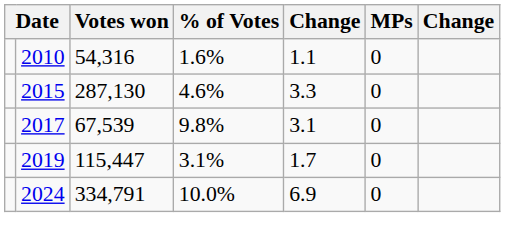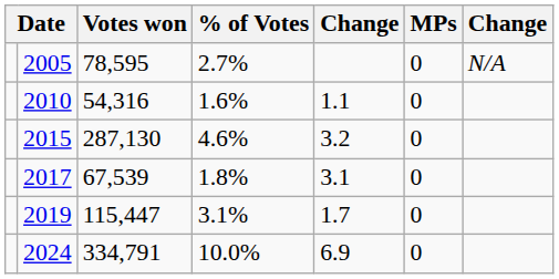 <table class="wikitable sortable">
 <tr>
 <th colspan="2">Date</th>
 <th>Votes won</th>
 <th>% of Votes</th>
 <th>Change</th>
 <th>MPs</th>
 <th>Change</th>
+</tr>
+<tr>
+<td width="1"></td>
+<td><a href='#'>2005</a></td>
+<td>78,595</td>
+<td>2.7%</td>
+<td></td>
+<td>0</td>
+<td><em>N/A</em></td>
 </tr>
 <tr>
 <td width="1"></td>
 <td><a href='#'>2010</a></td>
 <td>54,316</td>
 <td>1.6%</td>
 <td>1.1</td>
 <td>0</td>
 <td></td>
 </tr>
 <tr>
 <td width="1"></td>
 <td><a href='#'>2015</a></td>
 <td>287,130</td>
 <td>4.6%</td>
-<td>3.3</td>
+<td>3.2</td>
 <td>0</td>
 <td></td>
 </tr>
 <tr>
 <td width="1"></td>
 <td><a href='#'>2017</a></td>
 <td>67,539</td>
-<td>9.8%</td>
+<td>1.8%</td>
 <td>3.1</td>
 <td>0</td>
 <td></td>
 </tr>
 <tr>
 <td width="1"></td>
 <td><a href='#'>2019</a></td>
 <td>115,447</td>
 <td>3.1%</td>
 <td>1.7</td>
 <td>0</td>
 <td></td>
 </tr>
 <tr>
 <td width="1"></td>
 <td><a href='#'>2024</a></td>
 <td>334,791</td>
 <td>10.0%</td>
 <td>6.9</td>
 <td>0</td>
 <td></td>
 </tr>
 </table>
